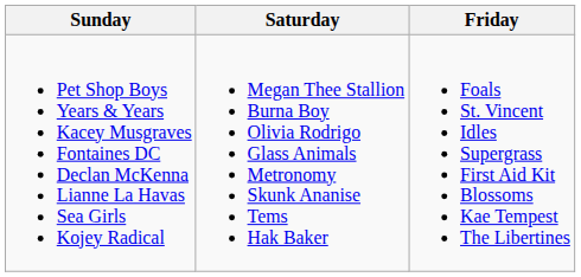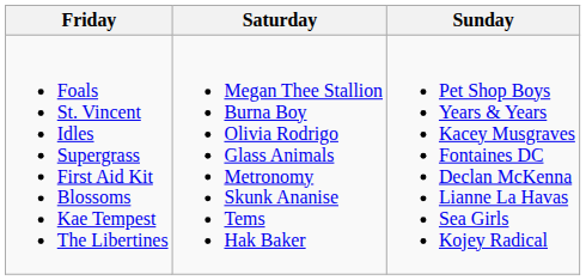 <table class="wikitable">
 <tr>
+<th>Friday</th>
+<th>Saturday</th>
 <th>Sunday</th>
-<th>Saturday</th>
-<th>Friday</th>
 </tr>
 <tr>
+<td><br><ul><li><a href='#'>Foals</a></li><li><a href='#'>St. Vincent</a></li><li><a href='#'>Idles</a></li><li><a href='#'>Supergrass</a></li><li><a href='#'>First Aid Kit</a></li><li><a href='#'>Blossoms</a></li><li><a href='#'>Kae Tempest</a></li><li><a href='#'>The Libertines</a></li></ul></td>
+<td><br><ul><li><a href='#'>Megan Thee Stallion</a></li><li><a href='#'>Burna Boy</a></li><li><a href='#'>Olivia Rodrigo</a></li><li><a href='#'>Glass Animals</a></li><li><a href='#'>Metronomy</a></li><li><a href='#'>Skunk Ananise</a></li><li><a href='#'>Tems</a></li><li><a href='#'>Hak Baker</a></li></ul></td>
 <td><br><ul><li><a href='#'>Pet Shop Boys</a></li><li><a href='#'>Years & Years</a></li><li><a href='#'>Kacey Musgraves</a></li><li><a href='#'>Fontaines DC</a></li><li><a href='#'>Declan McKenna</a></li><li><a href='#'>Lianne La Havas</a></li><li><a href='#'>Sea Girls</a></li><li><a href='#'>Kojey Radical</a></li></ul></td>
-<td><br><ul><li><a href='#'>Megan Thee Stallion</a></li><li><a href='#'>Burna Boy</a></li><li><a href='#'>Olivia Rodrigo</a></li><li><a href='#'>Glass Animals</a></li><li><a href='#'>Metronomy</a></li><li><a href='#'>Skunk Ananise</a></li><li><a href='#'>Tems</a></li><li><a href='#'>Hak Baker</a></li></ul></td>
-<td><br><ul><li><a href='#'>Foals</a></li><li><a href='#'>St. Vincent</a></li><li><a href='#'>Idles</a></li><li><a href='#'>Supergrass</a></li><li><a href='#'>First Aid Kit</a></li><li><a href='#'>Blossoms</a></li><li><a href='#'>Kae Tempest</a></li><li><a href='#'>The Libertines</a></li></ul></td>
 </tr>
 </table>
